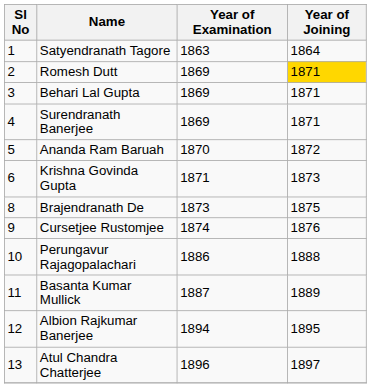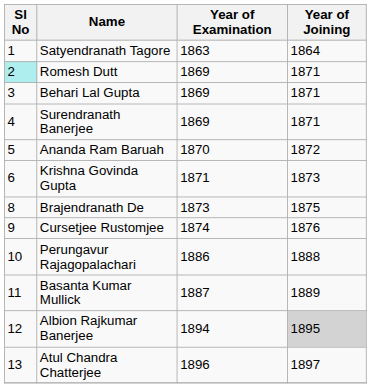 <table class="wikitable" border="1" width="70%">
 <tr style="background:#cccccc; text-align:left;">
 <th>Sl No</th>
 <th>Name</th>
 <th>Year of Examination</th>
 <th>Year of Joining</th>
 </tr>
 <tr>
 <td>1</td>
 <td>Satyendranath Tagore</td>
 <td>1863</td>
 <td>1864</td>
 </tr>
 <tr>
-<td>2</td>
+<td style="background: paleturquoise;">2</td>
 <td>Romesh Dutt</td>
 <td>1869</td>
-<td style="background: gold;">1871</td>
+<td>1871</td>
 </tr>
 <tr>
 <td>3</td>
 <td>Behari Lal Gupta</td>
 <td>1869</td>
 <td>1871</td>
 </tr>
 <tr>
 <td>4</td>
 <td>Surendranath Banerjee</td>
 <td>1869</td>
 <td>1871</td>
 </tr>
 <tr>
 <td>5</td>
 <td>Ananda Ram Baruah</td>
 <td>1870</td>
 <td>1872</td>
 </tr>
 <tr>
 <td>6</td>
 <td>Krishna Govinda Gupta</td>
 <td>1871</td>
 <td>1873</td>
 </tr>
 <tr>
 <td>8</td>
 <td>Brajendranath De</td>
 <td>1873</td>
 <td>1875</td>
 </tr>
 <tr>
 <td>9</td>
 <td>Cursetjee Rustomjee</td>
 <td>1874</td>
 <td>1876</td>
 </tr>
 <tr>
 <td>10</td>
 <td>Perungavur Rajagopalachari</td>
 <td>1886</td>
 <td>1888</td>
 </tr>
 <tr>
 <td>11</td>
 <td>Basanta Kumar Mullick</td>
 <td>1887</td>
 <td>1889</td>
 </tr>
 <tr>
 <td>12</td>
 <td>Albion Rajkumar Banerjee</td>
 <td>1894</td>
-<td>1895</td>
+<td style="background: lightgrey;">1895</td>
 </tr>
 <tr>
 <td>13</td>
 <td>Atul Chandra Chatterjee</td>
 <td>1896</td>
 <td>1897</td>
 </tr>
 <tr>
 </tr>
 </table>
